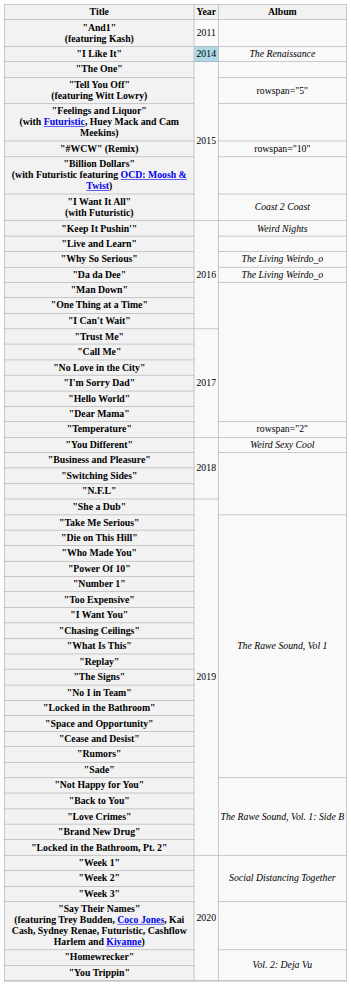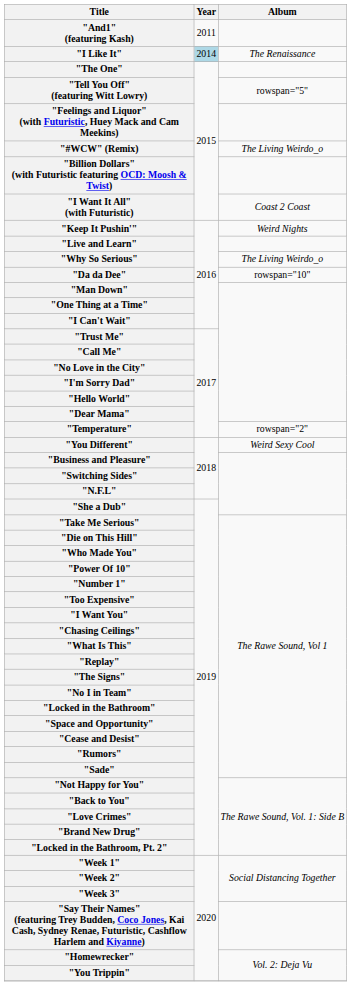 <table class="wikitable plainrowheaders" style="text-align:center;">
 <tr>
 <th scope="col" style="width:19em;">Title</th>
 <th scope="col">Year</th>
 <th scope="col">Album</th>
 </tr>
 <tr>
 <th scope="row">"And1"<br><span>(featuring Kash)</span></th>
 <td>2011</td>
 <td></td>
 </tr>
 <tr>
 <th scope="row">"I Like It"</th>
 <td style="background: lightblue;">2014</td>
 <td><em>The Renaissance</em></td>
 </tr>
 <tr>
 <th scope="row">"The One"</th>
 <td rowspan="6">2015</td>
 <td></td>
 </tr>
 <tr>
 <th scope="row">"Tell You Off"<br><span>(featuring Witt Lowry)</span></th>
 <td>rowspan="5" </td>
 </tr>
 <tr>
 <th scope="row">"Feelings and Liquor"<br><span>(with <a href='#'>Futuristic</a>, Huey Mack and Cam Meekins)</span></th>
 <td></td>
 </tr>
 <tr>
 <th scope="row">"#WCW" (Remix)</th>
-<td>rowspan="10" </td>
+<td><em>The Living Weirdo_o</em></td>
 </tr>
 <tr>
 <th scope="row">"Billion Dollars"<br><span>(with Futuristic featuring <a href='#'>OCD: Moosh & Twist</a>)</span></th>
 <td></td>
 </tr>
 <tr>
 <th scope="row">"I Want It All"<br><span>(with Futuristic)</span></th>
 <td><em>Coast 2 Coast</em></td>
 </tr>
 <tr>
 <th scope="row">"Keep It Pushin'"</th>
 <td rowspan="7">2016</td>
 <td><em>Weird Nights</em></td>
 </tr>
 <tr>
 <th scope="row">"Live and Learn"</th>
 </tr>
 <tr>
 <th scope="row">"Why So Serious"</th>
 <td><em>The Living Weirdo_o</em></td>
 </tr>
 <tr>
 <th scope="row">"Da da Dee"</th>
-<td><em>The Living Weirdo_o</em></td>
+<td>rowspan="10" </td>
 </tr>
 <tr>
 <th scope="row">"Man Down"</th>
 </tr>
 <tr>
 <th scope="row">"One Thing at a Time"</th>
 </tr>
 <tr>
 <th scope="row">"I Can't Wait"</th>
 </tr>
 <tr>
 <th scope="row">"Trust Me"</th>
 <td rowspan="7">2017</td>
 </tr>
 <tr>
 <th scope="row">"Call Me"</th>
 </tr>
 <tr>
 <th scope="row">"No Love in the City"</th>
 </tr>
 <tr>
 <th scope="row">"I'm Sorry Dad"</th>
 </tr>
 <tr>
 <th scope="row">"Hello World"</th>
 </tr>
 <tr>
 <th scope="row">"Dear Mama"</th>
 </tr>
 <tr>
 <th scope="row">"Temperature"</th>
 <td>rowspan="2" </td>
 </tr>
 <tr>
 <th scope="row">"You Different"</th>
 <td rowspan="4">2018</td>
 <td><em>Weird Sexy Cool</em></td>
 </tr>
 <tr>
 <th scope="row">"Business and Pleasure"</th>
 </tr>
 <tr>
 <th scope="row">"Switching Sides"</th>
 </tr>
 <tr>
 <th scope="row">"N.F.L"</th>
 </tr>
 <tr>
 <th scope="row">"She a Dub"</th>
 <td rowspan="23">2019</td>
 </tr>
 <tr>
 <th scope="row">"Take Me Serious"</th>
 <td rowspan="17"><em>The Rawe Sound, Vol 1</em></td>
 </tr>
 <tr>
 <th scope="row">"Die on This Hill"</th>
 </tr>
 <tr>
 <th scope="row">"Who Made You"</th>
 </tr>
 <tr>
 <th scope="row">"Power Of 10"</th>
 </tr>
 <tr>
 <th scope="row">"Number 1"</th>
 </tr>
 <tr>
 <th scope="row">"Too Expensive"</th>
 </tr>
 <tr>
 <th scope="row">"I Want You"</th>
 </tr>
 <tr>
 <th scope="row">"Chasing Ceilings"</th>
 </tr>
 <tr>
 <th scope="row">"What Is This"</th>
 </tr>
 <tr>
 <th scope="row">"Replay"</th>
 </tr>
 <tr>
 <th scope="row">"The Signs"</th>
 </tr>
 <tr>
 <th scope="row">"No I in Team"</th>
 </tr>
 <tr>
 <th scope="row">"Locked in the Bathroom"</th>
 </tr>
 <tr>
 <th scope="row">"Space and Opportunity"</th>
 </tr>
 <tr>
 <th scope="row">"Cease and Desist"</th>
 </tr>
 <tr>
 <th scope="row">"Rumors"</th>
 </tr>
 <tr>
 <th scope="row">"Sade"</th>
 </tr>
 <tr>
 <th scope="row">"Not Happy for You"</th>
 <td rowspan="5"><em>The Rawe Sound, Vol. 1: Side B</em></td>
 </tr>
 <tr>
 <th scope="row">"Back to You"</th>
 </tr>
 <tr>
 <th scope="row">"Love Crimes"</th>
 </tr>
 <tr>
 <th scope="row">"Brand New Drug"</th>
 </tr>
 <tr>
 <th scope="row">"Locked in the Bathroom, Pt. 2"</th>
 </tr>
 <tr>
 <th scope="row">"Week 1"</th>
 <td rowspan="6">2020</td>
 <td rowspan="3"><em>Social Distancing Together</em></td>
 </tr>
 <tr>
 <th scope="row">"Week 2"</th>
 </tr>
 <tr>
 <th scope="row">"Week 3"</th>
 </tr>
 <tr>
 <th scope="row">"Say Their Names"<br><span>(featuring Trey Budden, <a href='#'>Coco Jones</a>, Kai Cash, Sydney Renae, Futuristic, Cashflow Harlem and <a href='#'>Kiyanne</a>)</span></th>
 <td></td>
 </tr>
 <tr>
 <th scope="row">"Homewrecker"</th>
 <td rowspan="2"><em>Vol. 2: Deja Vu</em></td>
 </tr>
 <tr>
 <th scope="row">"You Trippin"</th>
 </tr>
 <tr>
 </tr>
 </table>
